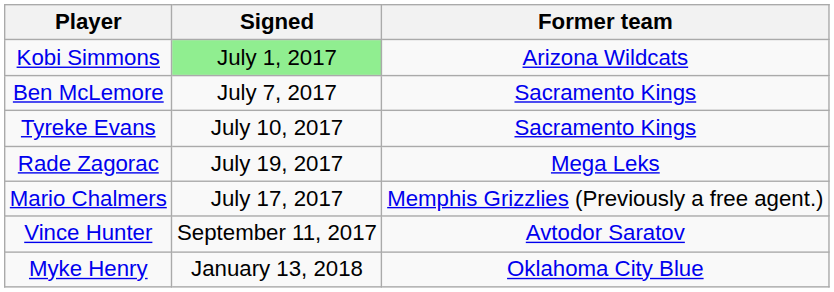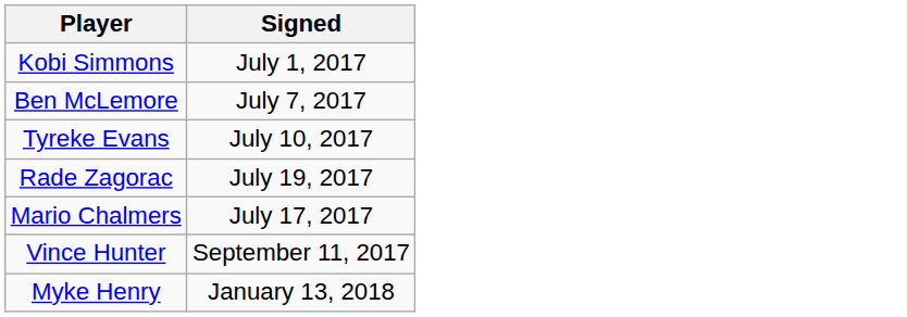 <table class="wikitable sortable sortable" style="text-align: center">
 <tr>
 <th>Player</th>
 <th>Signed</th>
-<th>Former team</th>
 </tr>
 <tr>
 <td><a href='#'>Kobi Simmons</a></td>
-<td style="background: lightgreen;">July 1, 2017</td>
-<td><a href='#'>Arizona Wildcats</a></td>
+<td>July 1, 2017</td>
 </tr>
 <tr>
 <td><a href='#'>Ben McLemore</a></td>
 <td>July 7, 2017</td>
-<td><a href='#'>Sacramento Kings</a></td>
 </tr>
 <tr>
 <td><a href='#'>Tyreke Evans</a></td>
 <td>July 10, 2017</td>
-<td><a href='#'>Sacramento Kings</a></td>
 </tr>
 <tr>
 <td><a href='#'>Rade Zagorac</a></td>
 <td>July 19, 2017</td>
-<td> <a href='#'>Mega Leks</a></td>
 </tr>
 <tr>
 <td><a href='#'>Mario Chalmers</a></td>
 <td>July 17, 2017</td>
-<td><a href='#'>Memphis Grizzlies</a> (Previously a free agent.)</td>
 </tr>
 <tr>
 <td><a href='#'>Vince Hunter</a></td>
 <td>September 11, 2017</td>
-<td> <a href='#'>Avtodor Saratov</a></td>
 </tr>
 <tr>
 <td><a href='#'>Myke Henry</a></td>
 <td>January 13, 2018</td>
-<td><a href='#'>Oklahoma City Blue</a></td>
 </tr>
 </table>
